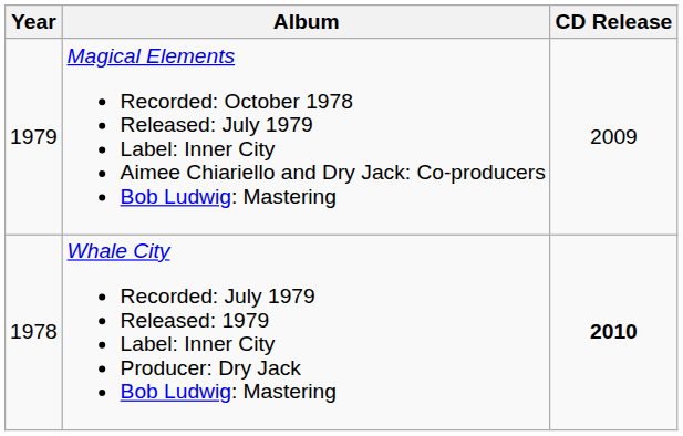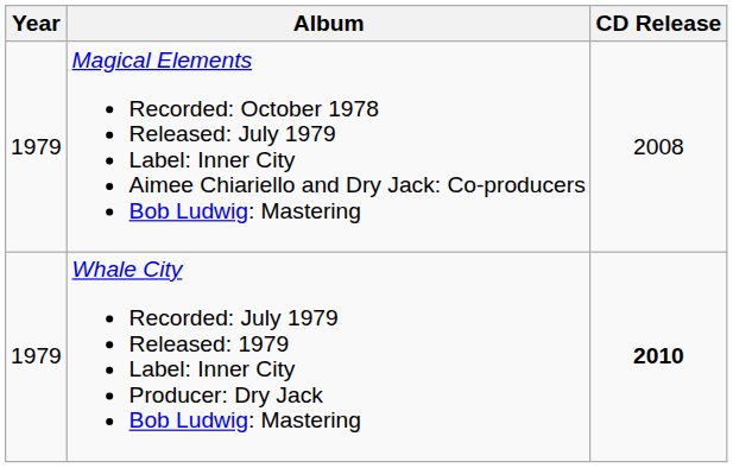 <table class="wikitable">
 <tr>
 <th>Year</th>
 <th>Album</th>
 <th>CD Release</th>
 </tr>
 <tr>
 <td>1979</td>
 <td><em><a href='#'>Magical Elements</a></em><br><ul><li>Recorded: October 1978</li><li>Released: July 1979</li><li>Label: Inner City</li><li>Aimee Chiariello and Dry Jack: Co-producers</li><li><a href='#'>Bob Ludwig</a>: Mastering</li></ul></td>
-<td style="text-align:center;">2009</td>
+<td style="text-align:center;">2008</td>
 </tr>
 <tr>
-<td>1978</td>
+<td>1979</td>
 <td><em><a href='#'>Whale City</a></em><br><ul><li>Recorded: July 1979</li><li>Released: 1979</li><li>Label: Inner City</li><li>Producer: Dry Jack</li><li><a href='#'>Bob Ludwig</a>: Mastering</li></ul></td>
 <td style="text-align:center;"><strong>2010</strong></td>
 </tr>
 </table>
